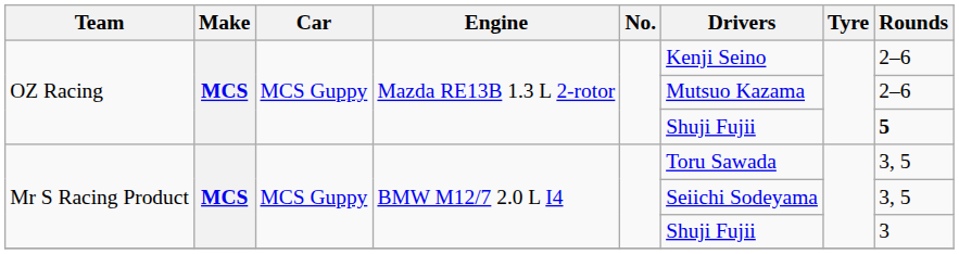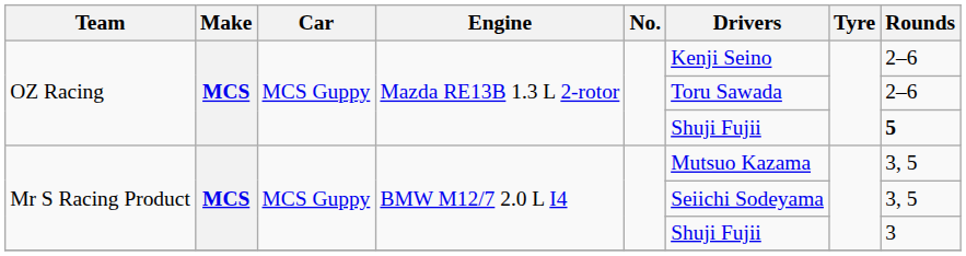 <table class="wikitable" style="font-size: 90%;">
 <tr>
 <th>Team</th>
 <th>Make</th>
 <th>Car</th>
 <th>Engine</th>
 <th>No.</th>
 <th>Drivers</th>
 <th>Tyre</th>
 <th>Rounds</th>
 </tr>
 <tr>
 <td rowspan=3>OZ Racing</td>
 <th rowspan=3><a href='#'>MCS</a></th>
 <td rowspan=3><a href='#'>MCS Guppy</a></td>
 <td rowspan=3><a href='#'>Mazda RE13B</a> 1.3 L <a href='#'>2-rotor</a></td>
 <td rowspan=3></td>
 <td> <a href='#'>Kenji Seino</a></td>
 <td align=center rowspan=3></td>
 <td>2–6</td>
 </tr>
 <tr>
-<td> <a href='#'>Mutsuo Kazama</a></td>
+<td> <a href='#'>Toru Sawada</a></td>
 <td>2–6</td>
 </tr>
 <tr>
 <td> <a href='#'>Shuji Fujii</a></td>
 <td><strong>5</strong></td>
 </tr>
 <tr>
 <td rowspan=3>Mr S Racing Product</td>
 <th rowspan=3><a href='#'>MCS</a></th>
 <td rowspan=3><a href='#'>MCS Guppy</a></td>
 <td rowspan=3><a href='#'>BMW M12/7</a> 2.0 L <a href='#'>I4</a></td>
 <td rowspan=3></td>
-<td> <a href='#'>Toru Sawada</a></td>
+<td> <a href='#'>Mutsuo Kazama</a></td>
 <td align=center rowspan=3></td>
 <td>3, 5</td>
 </tr>
 <tr>
 <td> <a href='#'>Seiichi Sodeyama</a></td>
 <td>3, 5</td>
 </tr>
 <tr>
 <td> <a href='#'>Shuji Fujii</a></td>
 <td>3</td>
 </tr>
 <tr>
 </tr>
 </table>
